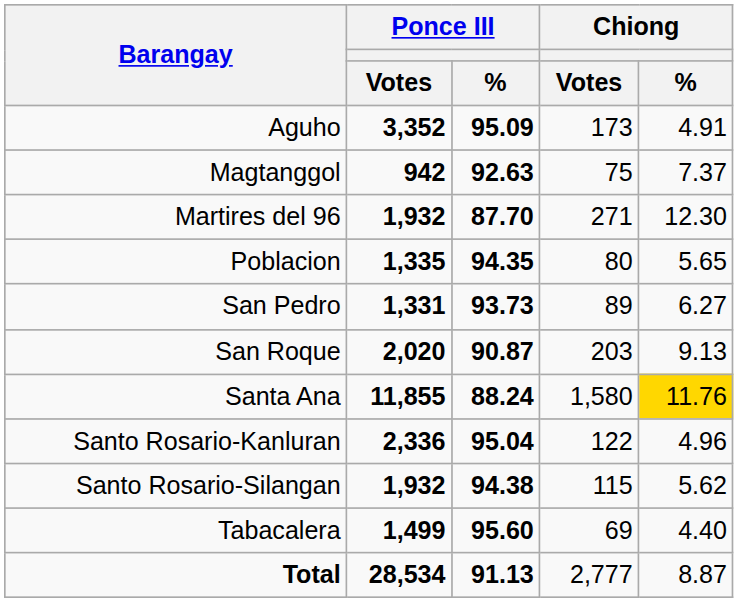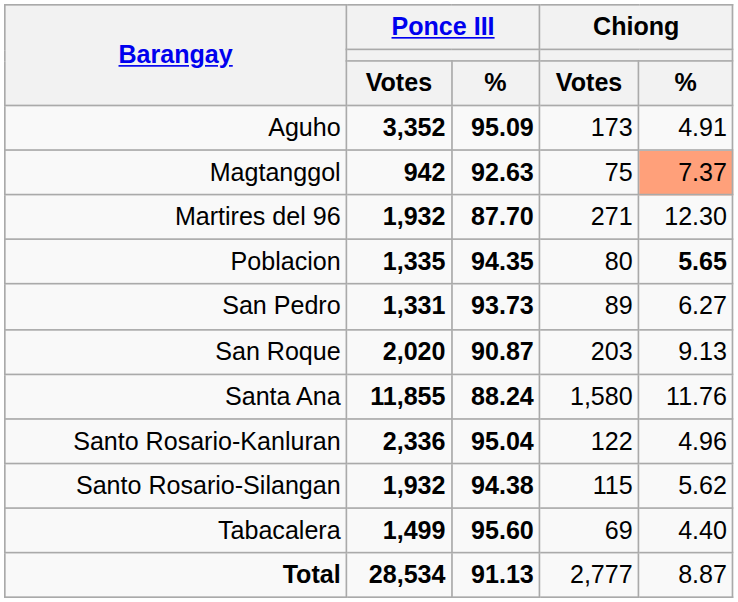 <table class="wikitable collapsible collapsed" style="text-align:right; font-size:95%; line-height:20px;">
 <tr>
 <th rowspan="3" width="200"><a href='#'>Barangay</a></th>
 <th colspan="2" width="110"><a href='#'>Ponce III</a></th>
 <th colspan="2" width="110">Chiong</th>
 </tr>
 <tr>
 <th colspan="2" style="background:"></th>
 <th colspan="2" style="background:"></th>
 </tr>
 <tr>
 <th>Votes</th>
 <th>%</th>
 <th>Votes</th>
 <th>%</th>
 </tr>
 <tr>
 <td>Aguho</td>
 <td style="background:#"><strong>3,352</strong></td>
 <td style="background:#"><strong>95.09</strong></td>
 <td>173</td>
 <td>4.91</td>
 </tr>
 <tr>
 <td>Magtanggol</td>
 <td style="background:#"><strong>942</strong></td>
 <td style="background:#"><strong>92.63</strong></td>
 <td>75</td>
-<td>7.37</td>
+<td style="background: lightsalmon;">7.37</td>
 </tr>
 <tr>
 <td>Martires del 96</td>
 <td style="background:#"><strong>1,932</strong></td>
 <td style="background:#"><strong>87.70</strong></td>
 <td>271</td>
 <td>12.30</td>
 </tr>
 <tr>
 <td>Poblacion</td>
 <td style="background:#"><strong>1,335</strong></td>
 <td style="background:#"><strong>94.35</strong></td>
 <td>80</td>
-<td>5.65</td>
+<td><strong>5.65</strong></td>
 </tr>
 <tr>
 <td>San Pedro</td>
 <td style="background:#"><strong>1,331</strong></td>
 <td style="background:#"><strong>93.73</strong></td>
 <td>89</td>
 <td>6.27</td>
 </tr>
 <tr>
 <td>San Roque</td>
 <td style="background:#"><strong>2,020</strong></td>
 <td style="background:#"><strong>90.87</strong></td>
 <td>203</td>
 <td>9.13</td>
 </tr>
 <tr>
 <td>Santa Ana</td>
 <td style="background:#"><strong>11,855</strong></td>
 <td style="background:#"><strong>88.24</strong></td>
 <td>1,580</td>
-<td style="background: gold;">11.76</td>
+<td>11.76</td>
 </tr>
 <tr>
 <td>Santo Rosario-Kanluran</td>
 <td style="background:#"><strong>2,336</strong></td>
 <td style="background:#"><strong>95.04</strong></td>
 <td>122</td>
 <td>4.96</td>
 </tr>
 <tr>
 <td>Santo Rosario-Silangan</td>
 <td style="background:#"><strong>1,932</strong></td>
 <td style="background:#"><strong>94.38</strong></td>
 <td>115</td>
 <td>5.62</td>
 </tr>
 <tr>
 <td>Tabacalera</td>
 <td style="background:#"><strong>1,499</strong></td>
 <td style="background:#"><strong>95.60</strong></td>
 <td>69</td>
 <td>4.40</td>
 </tr>
 <tr>
 <td><strong>Total</strong></td>
 <td style="background:#"><strong>28,534</strong></td>
 <td style="background:#"><strong>91.13</strong></td>
 <td>2,777</td>
 <td>8.87</td>
 </tr>
 </table>
